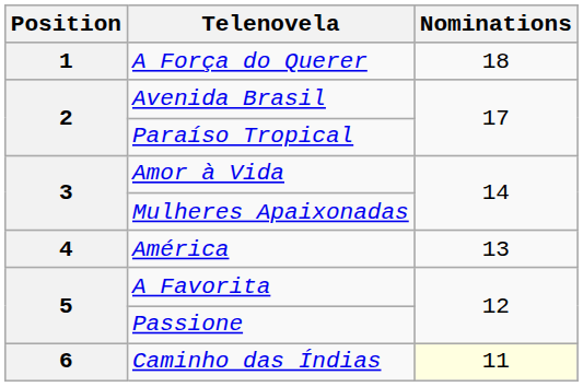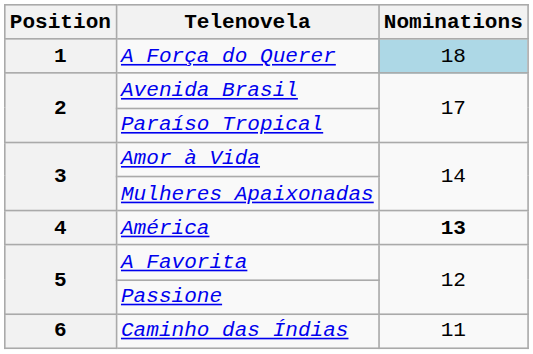 <table class="wikitable">
 <tr>
 <th>Position</th>
 <th>Telenovela</th>
 <th>Nominations</th>
 </tr>
 <tr>
 <th>1</th>
 <td><em><a href='#'>A Força do Querer</a></em></td>
-<td style="text-align:center;">18</td>
+<td style="background: lightblue; text-align:center;">18</td>
 </tr>
 <tr>
 <th rowspan="2">2</th>
 <td><em><a href='#'>Avenida Brasil</a></em></td>
 <td rowspan="2" style="text-align:center;">17</td>
 </tr>
 <tr>
 <td><em><a href='#'>Paraíso Tropical</a></em></td>
 </tr>
 <tr>
 <th rowspan="2">3</th>
 <td><em><a href='#'>Amor à Vida</a></em></td>
 <td rowspan="2" style="text-align:center;">14</td>
 </tr>
 <tr>
 <td><em><a href='#'>Mulheres Apaixonadas</a></em></td>
 </tr>
 <tr>
 <th>4</th>
 <td><em><a href='#'>América</a></em></td>
-<td style="text-align:center;">13</td>
+<td style="text-align:center;"><strong>13</strong></td>
 </tr>
 <tr>
 <th rowspan="2">5</th>
 <td><em><a href='#'>A Favorita</a></em></td>
 <td rowspan="2" style="text-align:center;">12</td>
 </tr>
 <tr>
 <td><em><a href='#'>Passione</a></em></td>
 </tr>
 <tr>
 <th>6</th>
 <td><em><a href='#'>Caminho das Índias</a></em></td>
-<td style="background: lightyellow; text-align:center;">11</td>
+<td style="text-align:center;">11</td>
 </tr>
 </table>
